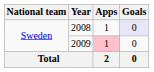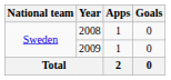 <table class="wikitable" style="text-align:center">
 <tr>
 <th>National team</th>
 <th>Year</th>
 <th>Apps</th>
 <th>Goals</th>
 </tr>
 <tr>
 <td rowspan="2"><a href='#'>Sweden</a></td>
 <td>2008</td>
 <td>1</td>
-<td style="background: lavender;">0</td>
+<td>0</td>
 </tr>
 <tr>
 <td>2009</td>
-<td style="background: pink;">1</td>
+<td>1</td>
 <td>0</td>
 </tr>
 <tr>
 <th colspan="2">Total</th>
 <th>2</th>
 <th>0</th>
 </tr>
 </table>
